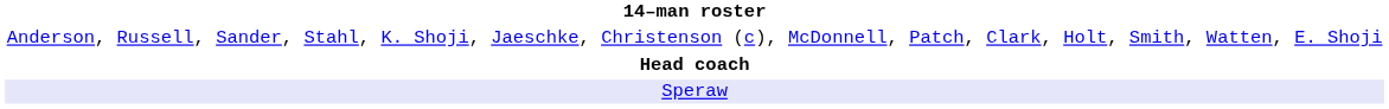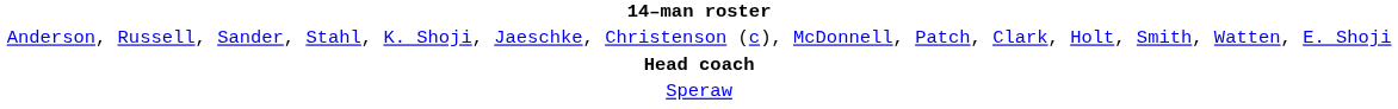 <table style="text-align:center; margin-top:2em; margin-left:auto; margin-right:auto">
 <tr>
 <td><strong>14–man roster</strong></td>
 </tr>
 <tr>
 <td><a href='#'>Anderson</a>, <a href='#'>Russell</a>, <a href='#'>Sander</a>, <a href='#'>Stahl</a>, <a href='#'>K. Shoji</a>, <a href='#'>Jaeschke</a>, <a href='#'>Christenson</a> (<a href='#'>c</a>), <a href='#'>McDonnell</a>, <a href='#'>Patch</a>, <a href='#'>Clark</a>, <a href='#'>Holt</a>, <a href='#'>Smith</a>, <a href='#'>Watten</a>, <a href='#'>E. Shoji</a></td>
 </tr>
 <tr>
 <td><strong>Head coach</strong></td>
 </tr>
 <tr>
-<td style="background: lavender;"><a href='#'>Speraw</a></td>
+<td><a href='#'>Speraw</a></td>
 </tr>
 </table>
